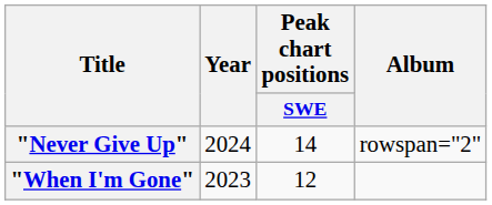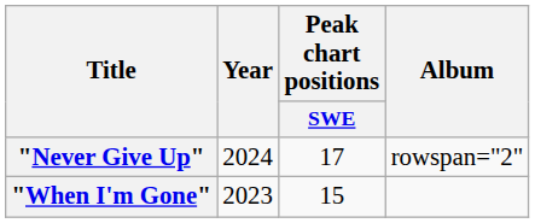 <table class="wikitable plainrowheaders" style="text-align:center;">
 <tr>
 <th scope="col" rowspan="2">Title</th>
 <th scope="col" rowspan="2">Year</th>
 <th scope="col" colspan="1">Peak chart positions</th>
 <th scope="col" rowspan="2">Album</th>
 </tr>
 <tr>
 <th scope="col" style="width:3em;font-size:85%;"><a href='#'>SWE</a><br></th>
 </tr>
 <tr>
 <th scope="row">"<a href='#'>Never Give Up</a>"</th>
 <td>2024</td>
-<td>14</td>
+<td>17</td>
 <td>rowspan="2" </td>
 </tr>
 <tr>
 <th scope="row">"<a href='#'>When I'm Gone</a>"</th>
 <td>2023</td>
-<td>12<br></td>
+<td>15<br></td>
 </tr>
 </table>
